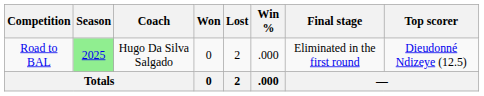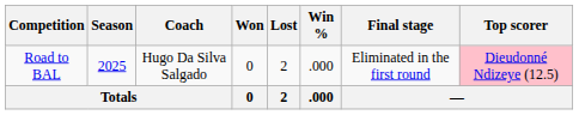 <table class="wikitable" style="font-size: 95%; text-align:center;">
 <tr>
 <th>Competition</th>
 <th>Season</th>
 <th>Coach</th>
 <th>Won</th>
 <th>Lost</th>
 <th>Win %</th>
 <th>Final stage</th>
 <th>Top scorer</th>
 </tr>
 <tr>
 <td><a href='#'>Road to BAL</a></td>
-<td style="background: lightgreen;"><a href='#'>2025</a></td>
+<td><a href='#'>2025</a></td>
 <td>Hugo Da Silva Salgado</td>
 <td>0</td>
 <td>2</td>
 <td>.000</td>
 <td>Eliminated in the <a href='#'>first round</a></td>
-<td><a href='#'>Dieudonné Ndizeye</a> (12.5)</td>
+<td style="background: pink;"><a href='#'>Dieudonné Ndizeye</a> (12.5)</td>
 </tr>
 <tr>
 <th colspan="3">Totals</th>
 <th>0</th>
 <th>2</th>
 <th>.000</th>
 <th colspan="2">—</th>
 </tr>
 </table>
